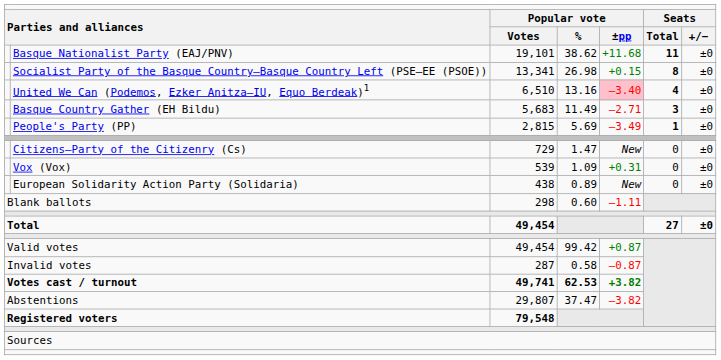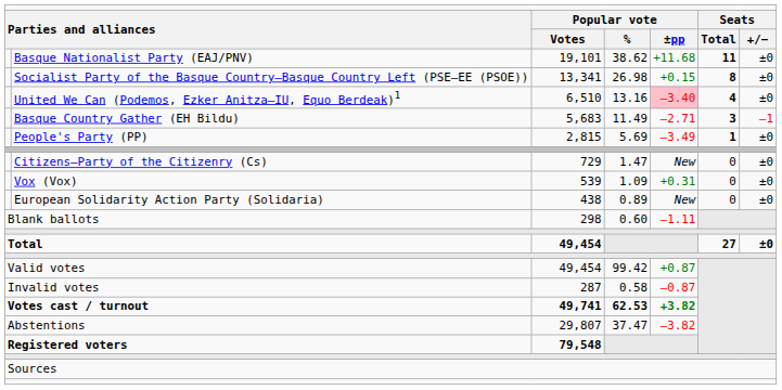 <table class="wikitable" style="text-align:right;">
 <tr>
 <td colspan="7"></td>
 </tr>
 <tr>
 <th style="text-align:left;" rowspan="2" colspan="2" width="525">Parties and alliances</th>
 <th colspan="3">Popular vote</th>
 <th colspan="2">Seats</th>
 </tr>
 <tr>
 <th width="75">Votes</th>
 <th width="45">%</th>
 <th width="45">±<a href='#'>pp</a></th>
 <th width="35">Total</th>
 <th width="35">+/−</th>
 </tr>
 <tr>
 <td width="1" style="color:inherit;background:"></td>
 <td align="left"><a href='#'>Basque Nationalist Party</a> (EAJ/PNV)</td>
 <td>19,101</td>
 <td>38.62</td>
 <td style="color:green;">+11.68</td>
 <td><strong>11</strong></td>
 <td>±0</td>
 </tr>
 <tr>
 <td style="color:inherit;background:"></td>
 <td align="left"><a href='#'>Socialist Party of the Basque Country–Basque Country Left</a> (PSE–EE (PSOE))</td>
 <td>13,341</td>
 <td>26.98</td>
 <td style="color:green;">+0.15</td>
 <td><strong>8</strong></td>
 <td>±0</td>
 </tr>
 <tr>
 <td style="color:inherit;background:"></td>
 <td align="left"><a href='#'>United We Can</a> (<a href='#'>Podemos</a>, <a href='#'>Ezker Anitza–IU</a>, <a href='#'>Equo Berdeak</a>)<sup>1</sup></td>
 <td>6,510</td>
 <td>13.16</td>
 <td style="background: pink; color:red;">–3.40</td>
 <td><strong>4</strong></td>
 <td>±0</td>
 </tr>
 <tr>
 <td style="color:inherit;background:"></td>
 <td align="left"><a href='#'>Basque Country Gather</a> (EH Bildu)</td>
 <td>5,683</td>
 <td>11.49</td>
 <td style="color:red;">–2.71</td>
 <td><strong>3</strong></td>
-<td>±0</td>
+<td style="color:red;">–1</td>
 </tr>
 <tr>
 <td style="color:inherit;background:"></td>
 <td align="left"><a href='#'>People's Party</a> (PP)</td>
 <td>2,815</td>
 <td>5.69</td>
 <td style="color:red;">–3.49</td>
 <td><strong>1</strong></td>
 <td>±0</td>
 </tr>
 <tr>
 <td colspan="7" bgcolor="#C0C0C0"></td>
 </tr>
 <tr>
 <td style="color:inherit;background:"></td>
 <td align="left"><a href='#'>Citizens–Party of the Citizenry</a> (Cs)</td>
 <td>729</td>
 <td>1.47</td>
 <td><em>New</em></td>
 <td>0</td>
 <td>±0</td>
 </tr>
 <tr>
 <td style="color:inherit;background:"></td>
 <td align="left"><a href='#'>Vox</a> (Vox)</td>
 <td>539</td>
 <td>1.09</td>
 <td style="color:green;">+0.31</td>
 <td>0</td>
 <td>±0</td>
 </tr>
 <tr>
 <td style="color:inherit;background:"></td>
 <td align="left">European Solidarity Action Party (Solidaria)</td>
 <td>438</td>
 <td>0.89</td>
 <td><em>New</em></td>
 <td>0</td>
 <td>±0</td>
 </tr>
 <tr>
 <td align="left" colspan="2">Blank ballots</td>
 <td>298</td>
 <td>0.60</td>
 <td style="color:red;">–1.11</td>
 <td bgcolor="#E9E9E9" colspan="2"></td>
 </tr>
 <tr>
 <td colspan="7" bgcolor="#E9E9E9"></td>
 </tr>
 <tr style="font-weight:bold;">
 <td align="left" colspan="2">Total</td>
 <td>49,454</td>
 <td bgcolor="#E9E9E9" colspan="2"></td>
 <td>27</td>
 <td>±0</td>
 </tr>
 <tr>
 <td colspan="7" bgcolor="#E9E9E9"></td>
 </tr>
 <tr>
 <td align="left" colspan="2">Valid votes</td>
 <td>49,454</td>
 <td>99.42</td>
 <td style="color:green;">+0.87</td>
 <td bgcolor="#E9E9E9" colspan="2" rowspan="5"></td>
 </tr>
 <tr>
 <td align="left" colspan="2">Invalid votes</td>
 <td>287</td>
 <td>0.58</td>
 <td style="color:red;">–0.87</td>
 </tr>
 <tr style="font-weight:bold;">
 <td align="left" colspan="2">Votes cast / turnout</td>
 <td>49,741</td>
 <td>62.53</td>
 <td style="color:green;">+3.82</td>
 </tr>
 <tr>
 <td align="left" colspan="2">Abstentions</td>
 <td>29,807</td>
 <td>37.47</td>
 <td style="color:red;">–3.82</td>
 </tr>
 <tr style="font-weight:bold;">
 <td align="left" colspan="2">Registered voters</td>
 <td>79,548</td>
 <td bgcolor="#E9E9E9" colspan="2"></td>
 </tr>
 <tr>
 <td colspan="7" bgcolor="#E9E9E9"></td>
 </tr>
 <tr>
 <td align="left" colspan="7">Sources</td>
 </tr>
 <tr>
 <td colspan="7" style="text-align:left; max-width:790px;"></td>
 </tr>
 </table>
